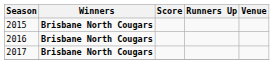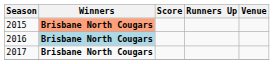 <table class="wikitable collapsible">
 <tr>
 <th>Season</th>
 <th>Winners</th>
 <th>Score</th>
 <th>Runners Up</th>
 <th>Venue</th>
 </tr>
 <tr>
 <td>2015</td>
-<td><strong>Brisbane North Cougars</strong></td>
+<td style="background: lightsalmon;"><strong>Brisbane North Cougars</strong></td>
 <td></td>
 <td></td>
 <td></td>
 </tr>
 <tr>
 <td>2016</td>
-<td><strong>Brisbane North Cougars</strong></td>
+<td style="background: lightblue;"><strong>Brisbane North Cougars</strong></td>
 <td></td>
 <td></td>
 <td></td>
 </tr>
 <tr>
 <td>2017</td>
 <td><strong>Brisbane North Cougars</strong></td>
 <td></td>
 <td></td>
 <td></td>
 </tr>
 <tr>
 </tr>
 </table>
